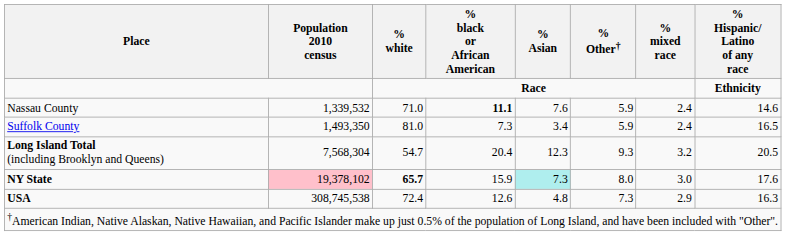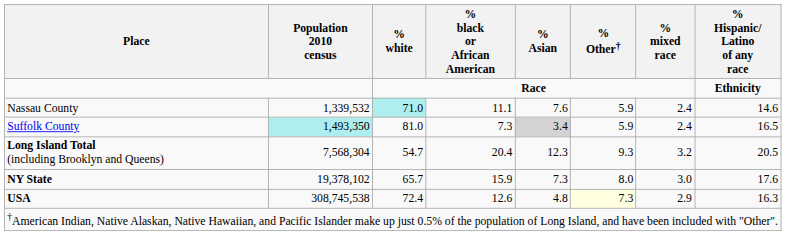 <table class="wikitable sortable" border=1 style="text-align:right; font-size:85%">
 <tr>
 <th align=left><strong>Place</strong></th>
 <th>Population<br>2010<br>census</th>
 <th>%<br>white</th>
 <th>%<br>black<br>or<br>African<br>American</th>
 <th>%<br>Asian</th>
 <th>%<br>Other<sup>†</sup></th>
 <th>%<br>mixed<br>race</th>
 <th>%<br>Hispanic/<br>Latino<br>of any<br>race</th>
 </tr>
 <tr>
 <td colspan=2></td>
 <td colspan="5" style="text-align:center;"><strong>Race</strong></td>
 <td align=center><strong>Ethnicity</strong></td>
 </tr>
 <tr>
 <td align=left>Nassau County</td>
 <td>1,339,532</td>
-<td>71.0</td>
-<td><strong>11.1</strong></td>
+<td style="background: paleturquoise;">71.0</td>
+<td>11.1</td>
 <td>7.6</td>
 <td>5.9</td>
 <td>2.4</td>
 <td>14.6</td>
 </tr>
 <tr>
 <td align=left><a href='#'>Suffolk County</a></td>
-<td>1,493,350</td>
+<td style="background: paleturquoise;">1,493,350</td>
 <td>81.0</td>
 <td>7.3</td>
-<td>3.4</td>
+<td style="background: lightgrey;">3.4</td>
 <td>5.9</td>
 <td>2.4</td>
 <td>16.5</td>
 </tr>
 <tr>
 <td align=left><strong>Long Island Total</strong><br>(including Brooklyn and Queens)</td>
 <td>7,568,304</td>
 <td>54.7</td>
 <td>20.4</td>
 <td>12.3</td>
 <td>9.3</td>
 <td>3.2</td>
 <td>20.5</td>
 </tr>
 <tr>
 <td align=left><strong>NY State</strong></td>
-<td style="background: pink;">19,378,102</td>
-<td><strong>65.7</strong></td>
+<td>19,378,102</td>
+<td>65.7</td>
 <td>15.9</td>
-<td style="background: paleturquoise;">7.3</td>
+<td>7.3</td>
 <td>8.0</td>
 <td>3.0</td>
 <td>17.6</td>
 </tr>
 <tr>
 <td align=left><strong>USA</strong></td>
 <td>308,745,538</td>
 <td>72.4</td>
 <td>12.6</td>
 <td>4.8</td>
-<td>7.3</td>
+<td style="background: lightyellow;">7.3</td>
 <td>2.9</td>
 <td>16.3</td>
 </tr>
 <tr>
 <td colspan="8"><sup>†</sup>American Indian, Native Alaskan, Native Hawaiian, and Pacific Islander make up just 0.5% of the population of Long Island, and have been included with "Other".</td>
 </tr>
 </table>
